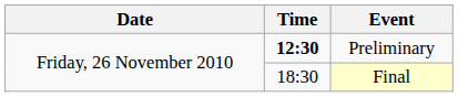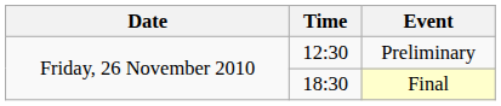 <table class = "wikitable" style="text-align:center;">
 <tr>
 <th width=220>Date</th>
 <th width=50>Time</th>
 <th width=100>Event</th>
 </tr>
 <tr>
 <td rowspan=2>Friday, 26 November 2010</td>
-<td><strong>12:30</strong></td>
+<td>12:30</td>
 <td>Preliminary</td>
 </tr>
 <tr>
 <td>18:30</td>
 <td bgcolor=ffffcc>Final</td>
 </tr>
 </table>
